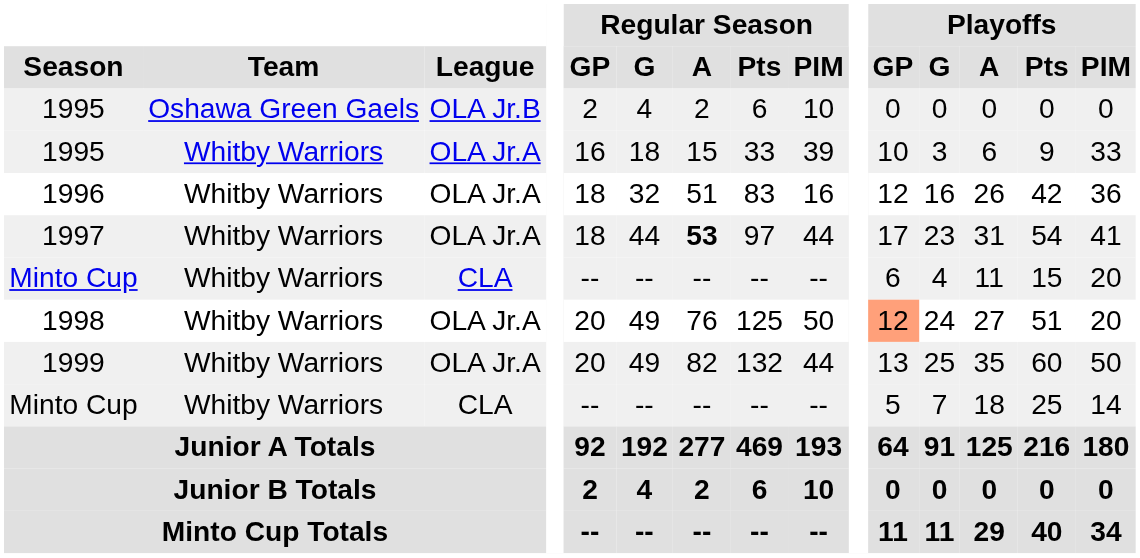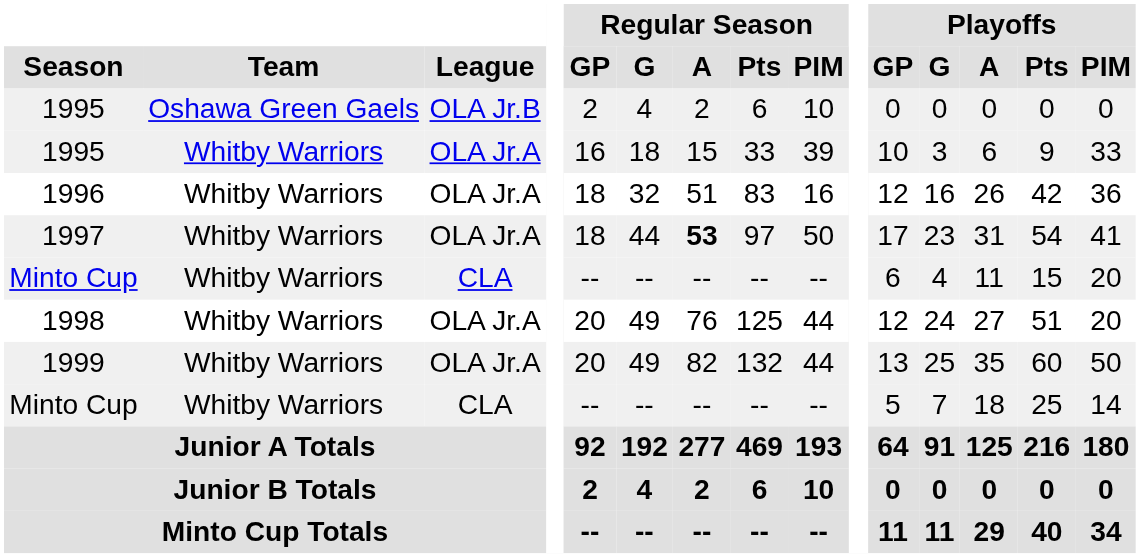 <table BORDER="0" CELLPADDING="3" CELLSPACING="0">
 <tr ALIGN="center" bgcolor="#e0e0e0">
 <th colspan="3" bgcolor="#ffffff"> </th>
 <th rowspan="99" bgcolor="#ffffff"> </th>
 <th colspan="5">Regular Season</th>
 <th rowspan="99" bgcolor="#ffffff"> </th>
 <th colspan="5">Playoffs</th>
 </tr>
 <tr ALIGN="center" bgcolor="#e0e0e0">
 <th>Season</th>
 <th>Team</th>
 <th>League</th>
 <th>GP</th>
 <th>G</th>
 <th>A</th>
 <th>Pts</th>
 <th>PIM</th>
 <th>GP</th>
 <th>G</th>
 <th>A</th>
 <th>Pts</th>
 <th>PIM</th>
 </tr>
 <tr ALIGN="center" bgcolor="#f0f0f0">
 <td>1995</td>
 <td><a href='#'>Oshawa Green Gaels</a></td>
 <td><a href='#'>OLA Jr.B</a></td>
 <td>2</td>
 <td>4</td>
 <td>2</td>
 <td>6</td>
 <td>10</td>
 <td>0</td>
 <td>0</td>
 <td>0</td>
 <td>0</td>
 <td>0</td>
 </tr>
 <tr ALIGN="center" bgcolor="#f0f0f0">
 <td>1995</td>
 <td><a href='#'>Whitby Warriors</a></td>
 <td><a href='#'>OLA Jr.A</a></td>
 <td>16</td>
 <td>18</td>
 <td>15</td>
 <td>33</td>
 <td>39</td>
 <td>10</td>
 <td>3</td>
 <td>6</td>
 <td>9</td>
 <td>33</td>
 </tr>
 <tr ALIGN="center">
 <td>1996</td>
 <td>Whitby Warriors</td>
 <td>OLA Jr.A</td>
 <td>18</td>
 <td>32</td>
 <td>51</td>
 <td>83</td>
 <td>16</td>
 <td>12</td>
 <td>16</td>
 <td>26</td>
 <td>42</td>
 <td>36</td>
 </tr>
 <tr ALIGN="center" bgcolor="#f0f0f0">
 <td>1997</td>
 <td>Whitby Warriors</td>
 <td>OLA Jr.A</td>
 <td>18</td>
 <td>44</td>
 <td><strong>53</strong></td>
 <td>97</td>
-<td>44</td>
+<td>50</td>
 <td>17</td>
 <td>23</td>
 <td>31</td>
 <td>54</td>
 <td>41</td>
 </tr>
 <tr ALIGN="center" bgcolor="#f0f0f0">
 <td><a href='#'>Minto Cup</a></td>
 <td>Whitby Warriors</td>
 <td><a href='#'>CLA</a></td>
 <td>--</td>
 <td>--</td>
 <td>--</td>
 <td>--</td>
 <td>--</td>
 <td>6</td>
 <td>4</td>
 <td>11</td>
 <td>15</td>
 <td>20</td>
 </tr>
 <tr ALIGN="center">
 <td>1998</td>
 <td>Whitby Warriors</td>
 <td>OLA Jr.A</td>
 <td>20</td>
 <td>49</td>
 <td>76</td>
 <td>125</td>
-<td>50</td>
-<td style="background: lightsalmon;">12</td>
+<td>44</td>
+<td>12</td>
 <td>24</td>
 <td>27</td>
 <td>51</td>
 <td>20</td>
 </tr>
 <tr ALIGN="center" bgcolor="#f0f0f0">
 <td>1999</td>
 <td>Whitby Warriors</td>
 <td>OLA Jr.A</td>
 <td>20</td>
 <td>49</td>
 <td>82</td>
 <td>132</td>
 <td>44</td>
 <td>13</td>
 <td>25</td>
 <td>35</td>
 <td>60</td>
 <td>50</td>
 </tr>
 <tr ALIGN="center" bgcolor="#f0f0f0">
 <td>Minto Cup</td>
 <td>Whitby Warriors</td>
 <td>CLA</td>
 <td>--</td>
 <td>--</td>
 <td>--</td>
 <td>--</td>
 <td>--</td>
 <td>5</td>
 <td>7</td>
 <td>18</td>
 <td>25</td>
 <td>14</td>
 </tr>
 <tr ALIGN="center" bgcolor="#e0e0e0">
 <th colspan="3">Junior A Totals</th>
 <th>92</th>
 <th>192</th>
 <th>277</th>
 <th>469</th>
 <th>193</th>
 <th>64</th>
 <th>91</th>
 <th>125</th>
 <th>216</th>
 <th>180</th>
 </tr>
 <tr ALIGN="center" bgcolor="#e0e0e0">
 <th colspan="3">Junior B Totals</th>
 <th>2</th>
 <th>4</th>
 <th>2</th>
 <th>6</th>
 <th>10</th>
 <th>0</th>
 <th>0</th>
 <th>0</th>
 <th>0</th>
 <th>0</th>
 </tr>
 <tr ALIGN="center" bgcolor="#e0e0e0">
 <th colspan="3">Minto Cup Totals</th>
 <th>--</th>
 <th>--</th>
 <th>--</th>
 <th>--</th>
 <th>--</th>
 <th>11</th>
 <th>11</th>
 <th>29</th>
 <th>40</th>
 <th>34</th>
 </tr>
 </table>
